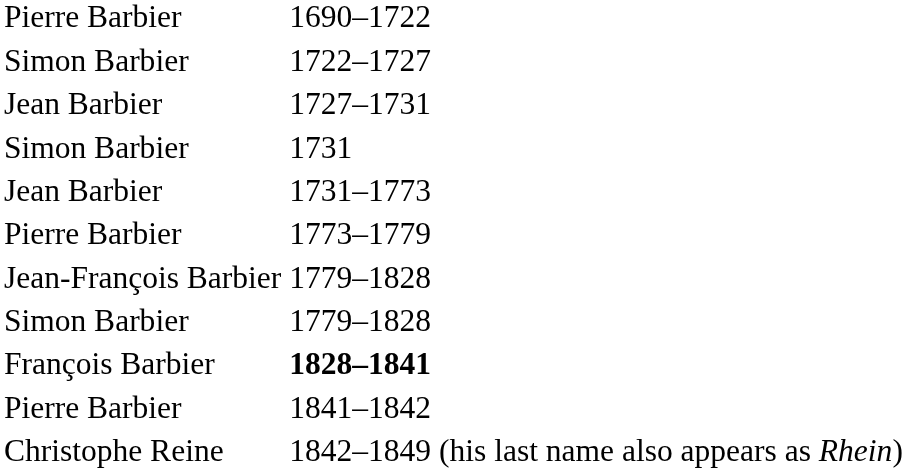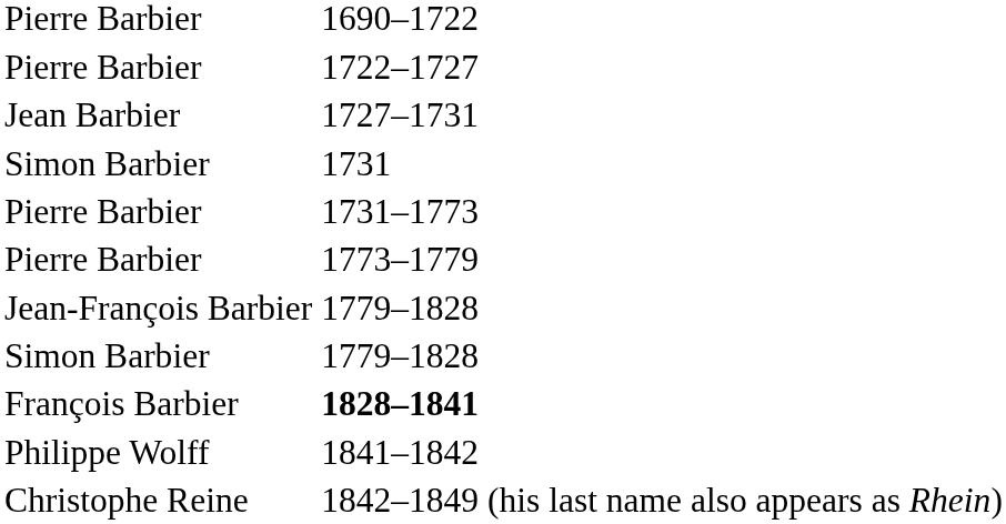 <table>
 <tr>
 <td>Pierre Barbier</td>
 <td>1690–1722</td>
 </tr>
 <tr>
-<td>Simon Barbier</td>
+<td>Pierre Barbier</td>
 <td>1722–1727</td>
 </tr>
 <tr>
 <td>Jean Barbier</td>
 <td>1727–1731</td>
 </tr>
 <tr>
 <td>Simon Barbier</td>
 <td>1731</td>
 </tr>
 <tr>
-<td>Jean Barbier</td>
+<td>Pierre Barbier</td>
 <td>1731–1773</td>
 </tr>
 <tr>
 <td>Pierre Barbier</td>
 <td>1773–1779</td>
 </tr>
 <tr>
 <td>Jean-François Barbier</td>
 <td>1779–1828</td>
 </tr>
 <tr>
 <td>Simon Barbier</td>
 <td>1779–1828</td>
 </tr>
 <tr>
 <td>François Barbier</td>
 <td><strong>1828–1841</strong></td>
 </tr>
 <tr>
-<td>Pierre Barbier</td>
+<td>Philippe Wolff</td>
 <td>1841–1842</td>
 </tr>
 <tr>
 <td>Christophe Reine</td>
 <td>1842–1849 (his last name also appears as <em>Rhein</em>)</td>
 </tr>
 </table>
